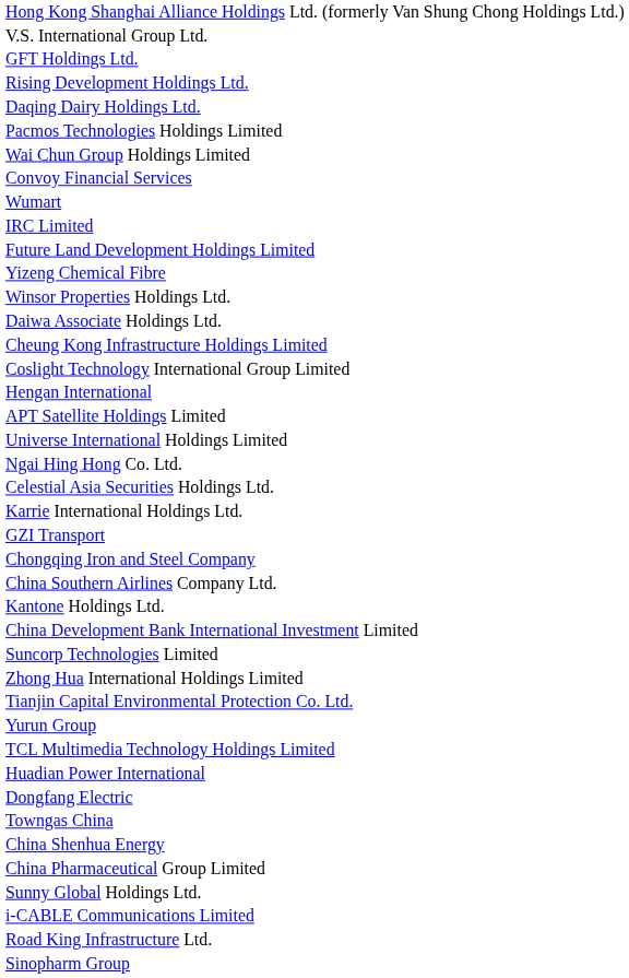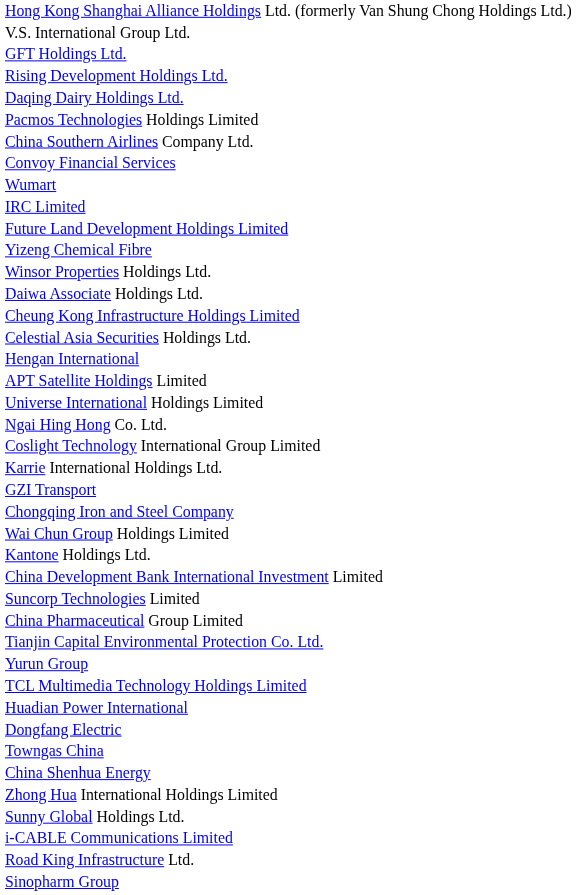 <table>
 <tr>
 <td> <a href='#'>Hong Kong Shanghai Alliance Holdings</a> Ltd.  (formerly Van Shung Chong Holdings Ltd.)</td>
 </tr>
 <tr>
 <td> V.S. International Group Ltd.</td>
 </tr>
 <tr>
 <td> <a href='#'>GFT Holdings Ltd.</a></td>
 </tr>
 <tr>
 <td> <a href='#'>Rising Development Holdings Ltd.</a></td>
 </tr>
 <tr>
 <td> <a href='#'>Daqing Dairy Holdings Ltd.</a></td>
 </tr>
 <tr>
 <td> <a href='#'>Pacmos Technologies</a> Holdings Limited</td>
 </tr>
 <tr>
-<td> <a href='#'>Wai Chun Group</a> Holdings Limited</td>
+<td> <a href='#'>China Southern Airlines</a> Company Ltd.</td>
 </tr>
 <tr>
 <td> <a href='#'>Convoy Financial Services</a></td>
 </tr>
 <tr>
 <td> <a href='#'>Wumart</a></td>
 </tr>
 <tr>
 <td> <a href='#'>IRC Limited</a></td>
 </tr>
 <tr>
 <td> <a href='#'>Future Land Development Holdings Limited</a></td>
 </tr>
 <tr>
 <td> <a href='#'>Yizeng Chemical Fibre</a></td>
 </tr>
 <tr>
 <td> <a href='#'>Winsor Properties</a> Holdings Ltd.</td>
 </tr>
 <tr>
 <td> <a href='#'>Daiwa Associate</a> Holdings Ltd.</td>
 </tr>
 <tr>
 <td> <a href='#'>Cheung Kong Infrastructure Holdings Limited</a></td>
 </tr>
 <tr>
-<td> <a href='#'>Coslight Technology</a> International Group Limited</td>
+<td> <a href='#'>Celestial Asia Securities</a> Holdings Ltd.</td>
 </tr>
 <tr>
 <td> <a href='#'>Hengan International</a></td>
 </tr>
 <tr>
 <td> <a href='#'>APT Satellite Holdings</a> Limited</td>
 </tr>
 <tr>
 <td> <a href='#'>Universe International</a> Holdings Limited</td>
 </tr>
 <tr>
 <td> <a href='#'>Ngai Hing Hong</a> Co. Ltd.</td>
 </tr>
 <tr>
-<td> <a href='#'>Celestial Asia Securities</a> Holdings Ltd.</td>
+<td> <a href='#'>Coslight Technology</a> International Group Limited</td>
 </tr>
 <tr>
 <td> <a href='#'>Karrie</a> International Holdings Ltd.</td>
 </tr>
 <tr>
 <td> <a href='#'>GZI Transport</a></td>
 </tr>
 <tr>
 <td> <a href='#'>Chongqing Iron and Steel Company</a></td>
 </tr>
 <tr>
-<td> <a href='#'>China Southern Airlines</a> Company Ltd.</td>
+<td> <a href='#'>Wai Chun Group</a> Holdings Limited</td>
 </tr>
 <tr>
 <td> <a href='#'>Kantone</a> Holdings Ltd.</td>
 </tr>
 <tr>
 <td> <a href='#'>China Development Bank International Investment</a> Limited</td>
 </tr>
 <tr>
 <td> <a href='#'>Suncorp Technologies</a> Limited</td>
 </tr>
 <tr>
-<td> <a href='#'>Zhong Hua</a> International Holdings Limited</td>
+<td> <a href='#'>China Pharmaceutical</a> Group Limited</td>
 </tr>
 <tr>
 <td> <a href='#'>Tianjin Capital Environmental Protection Co. Ltd.</a></td>
 </tr>
 <tr>
 <td> <a href='#'>Yurun Group</a></td>
 </tr>
 <tr>
 <td> <a href='#'>TCL Multimedia Technology Holdings Limited</a></td>
 </tr>
 <tr>
 <td> <a href='#'>Huadian Power International</a></td>
 </tr>
 <tr>
 <td> <a href='#'>Dongfang Electric</a></td>
 </tr>
 <tr>
 <td> <a href='#'>Towngas China</a></td>
 </tr>
 <tr>
 <td> <a href='#'>China Shenhua Energy</a></td>
 </tr>
 <tr>
-<td> <a href='#'>China Pharmaceutical</a> Group Limited</td>
+<td> <a href='#'>Zhong Hua</a> International Holdings Limited</td>
 </tr>
 <tr>
 <td> <a href='#'>Sunny Global</a> Holdings Ltd.</td>
 </tr>
 <tr>
 <td> <a href='#'>i-CABLE Communications Limited</a></td>
 </tr>
 <tr>
 <td> <a href='#'>Road King Infrastructure</a> Ltd.</td>
 </tr>
 <tr>
 <td> <a href='#'>Sinopharm Group</a></td>
 </tr>
 </table>
